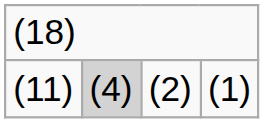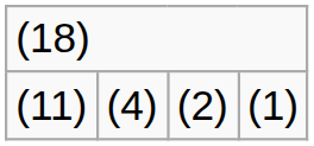 <table class="wikitable">
 <tr>
 <td colspan="4"> (18)</td>
 </tr>
 <tr>
 <td> (11)</td>
-<td style="background: lightgrey;"> (4)</td>
+<td> (4)</td>
 <td> (2)</td>
 <td> (1)</td>
 </tr>
 </table>
